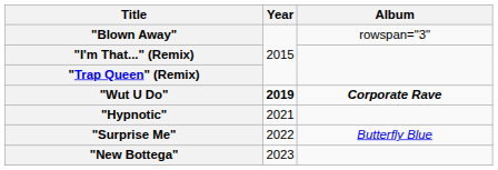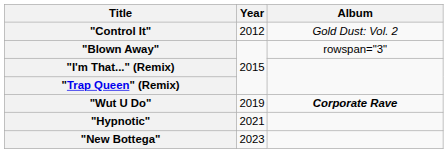 <table class="wikitable plainrowheaders" style="text-align:center;">
 <tr>
 <th scope="col" style="width:20em;">Title</th>
 <th scope="col" style="width:1em;">Year</th>
 <th scope="col" style="width:15em;">Album</th>
+</tr>
+<tr>
+<th scope="row">"Control It"<br></th>
+<td>2012</td>
+<td><em>Gold Dust: Vol. 2</em></td>
 </tr>
 <tr>
 <th scope="row">"Blown Away"<br></th>
 <td rowspan="3">2015</td>
 <td>rowspan="3" </td>
 </tr>
 <tr>
 <th scope="row">"I'm That..." (Remix)<br></th>
 </tr>
 <tr>
 <th scope="row">"<a href='#'>Trap Queen</a>" (Remix)<br></th>
 </tr>
 <tr>
 <th scope="row">"Wut U Do"<br></th>
-<td><strong>2019</strong></td>
+<td>2019</td>
 <td><strong><em>Corporate Rave</em></strong></td>
 </tr>
 <tr>
 <th scope="row">"Hypnotic"<br></th>
 <td>2021</td>
 <td></td>
 </tr>
 <tr>
-<th scope="row">"Surprise Me"<br></th>
-<td>2022</td>
-<td><em><a href='#'>Butterfly Blue</a></em></td>
-</tr>
-<tr>
 <th scope="row">"New Bottega"<br></th>
 <td>2023</td>
 <td></td>
 </tr>
 </table>
